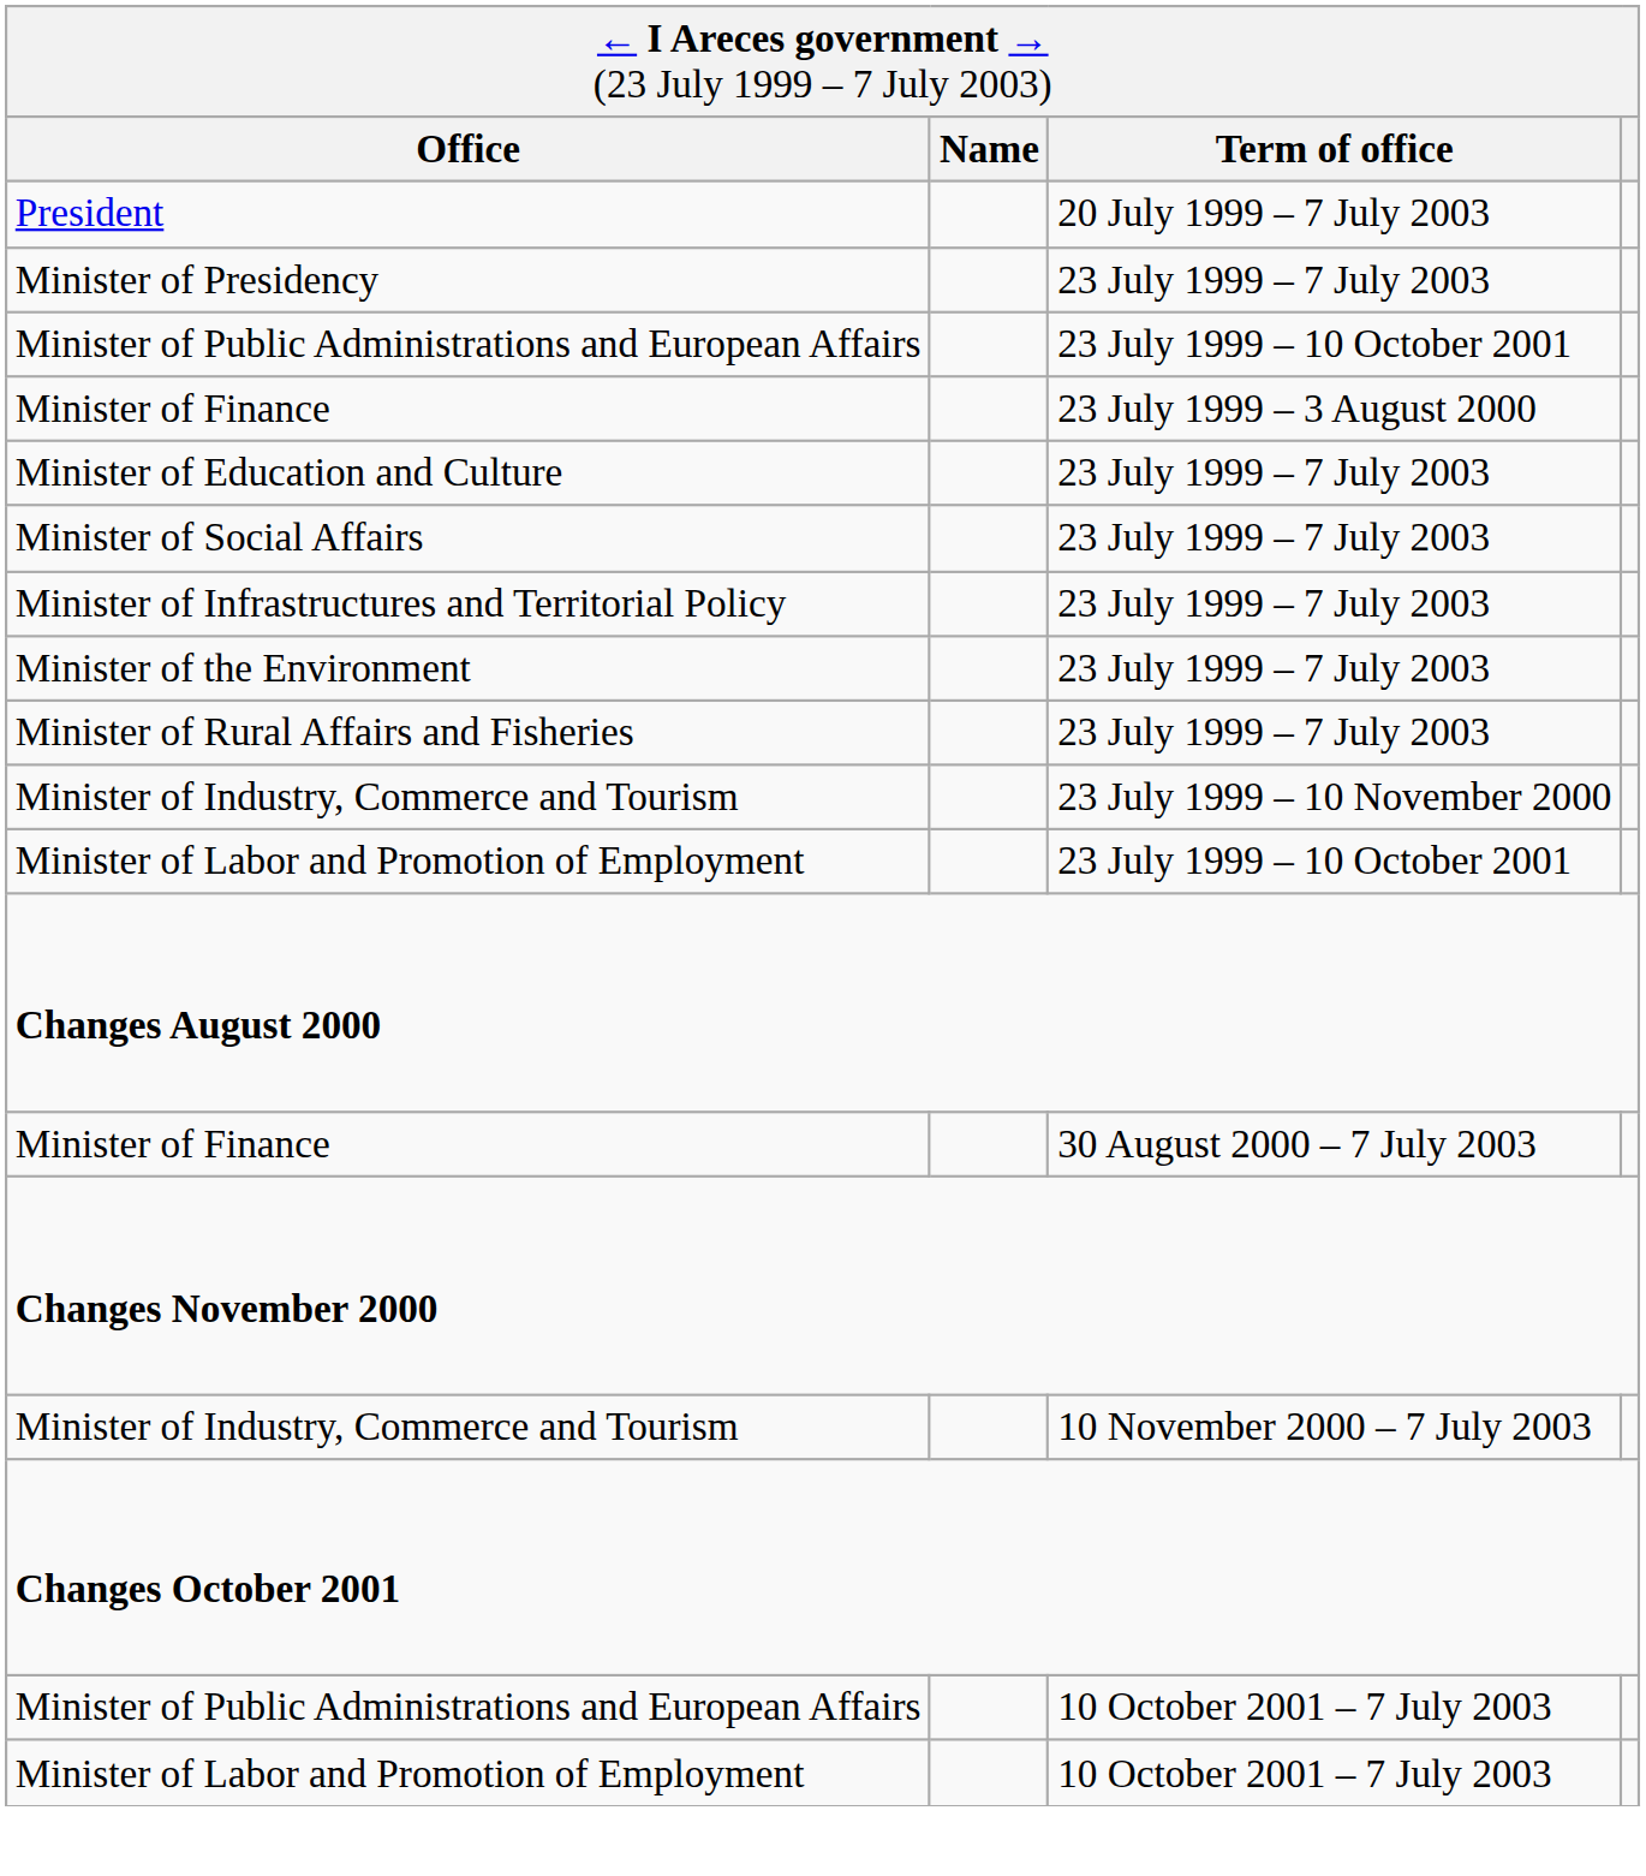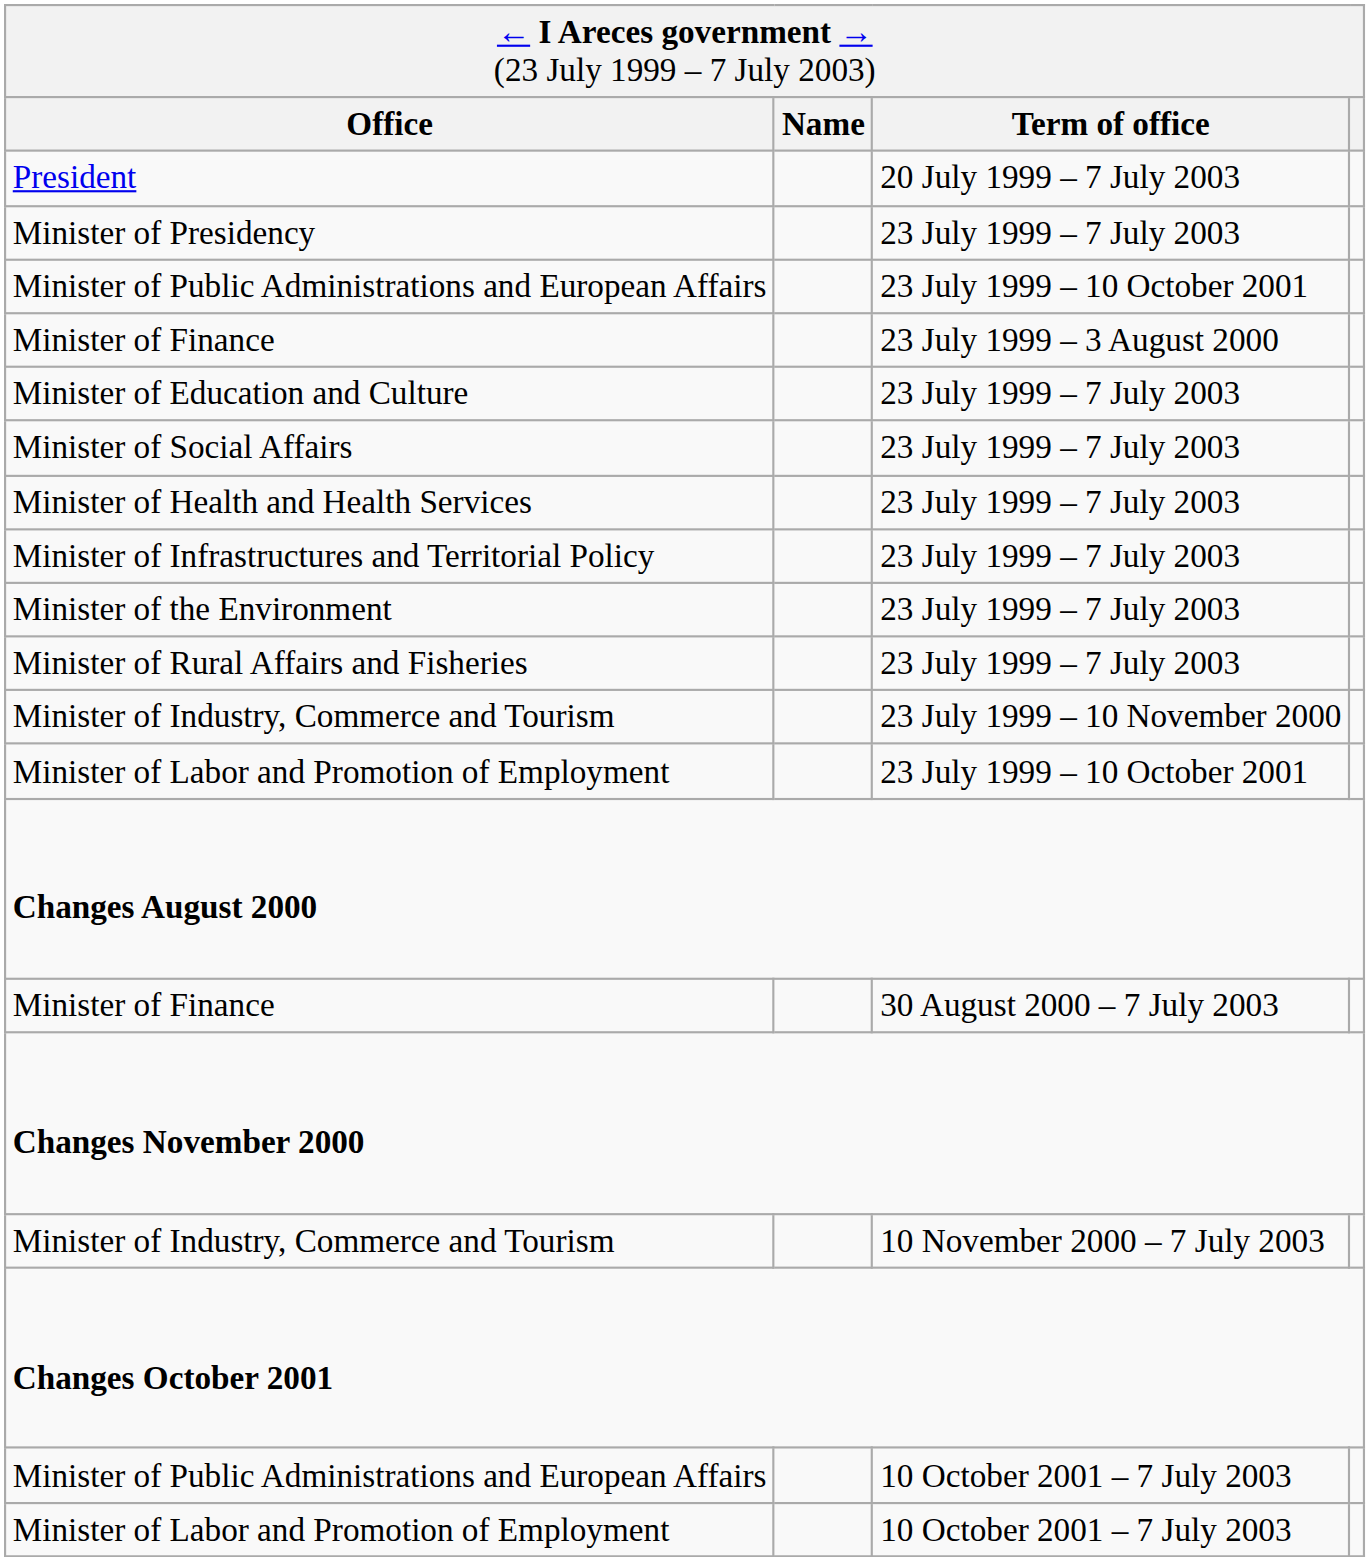 <table class="wikitable" style="font-size:97%;">
 <tr>
 <td colspan="4" bgcolor="#F2F2F2" align="center"><a href='#'>←</a> <strong>I Areces government</strong>  <a href='#'>→</a><br>(23 July 1999 – 7 July 2003)</td>
 </tr>
 <tr>
 <th>Office</th>
 <th>Name</th>
 <th>Term of office</th>
 <th></th>
 </tr>
 <tr>
 <td><a href='#'>President</a></td>
 <td><strong></strong></td>
 <td>20 July 1999 – 7 July 2003</td>
 <td align=center></td>
 </tr>
 <tr>
 <td>Minister of Presidency</td>
 <td><strong></strong> </td>
 <td>23 July 1999 – 7 July 2003</td>
 <td align="center"></td>
 </tr>
 <tr>
 <td>Minister of Public Administrations and European Affairs</td>
 <td><strong></strong></td>
 <td>23 July 1999 – 10 October 2001</td>
 <td align="center"></td>
 </tr>
 <tr>
 <td>Minister of Finance</td>
 <td><strong></strong></td>
 <td>23 July 1999 – 3 August 2000</td>
 <td align="center"></td>
 </tr>
 <tr>
 <td>Minister of Education and Culture</td>
 <td><strong></strong></td>
 <td>23 July 1999 – 7 July 2003</td>
 <td align="center"></td>
 </tr>
 <tr>
 <td>Minister of Social Affairs</td>
 <td><strong></strong> </td>
+<td>23 July 1999 – 7 July 2003</td>
+<td align="center"></td>
+</tr>
+<tr>
+<td>Minister of Health and Health Services</td>
+<td><strong></strong></td>
 <td>23 July 1999 – 7 July 2003</td>
 <td align="center"></td>
 </tr>
 <tr>
 <td>Minister of Infrastructures and Territorial Policy</td>
 <td><strong></strong></td>
 <td>23 July 1999 – 7 July 2003</td>
 <td align="center"></td>
 </tr>
 <tr>
 <td>Minister of the Environment</td>
 <td><strong></strong></td>
 <td>23 July 1999 – 7 July 2003</td>
 <td align="center"></td>
 </tr>
 <tr>
 <td>Minister of Rural Affairs and Fisheries</td>
 <td><strong></strong></td>
 <td>23 July 1999 – 7 July 2003</td>
 <td align="center"></td>
 </tr>
 <tr>
 <td>Minister of Industry, Commerce and Tourism</td>
 <td><strong></strong></td>
 <td>23 July 1999 – 10 November 2000</td>
 <td align="center"></td>
 </tr>
 <tr>
 <td>Minister of Labor and Promotion of Employment</td>
 <td><strong></strong></td>
 <td>23 July 1999 – 10 October 2001</td>
 <td align="center"></td>
 </tr>
 <tr>
 <td colspan="4"><br><h4>Changes August 2000</h4></td>
 </tr>
 <tr>
 <td>Minister of Finance</td>
 <td><strong></strong> </td>
 <td>30 August 2000 – 7 July 2003</td>
 <td align="center"></td>
 </tr>
 <tr>
 <td colspan="4"><br><h4>Changes November 2000</h4></td>
 </tr>
 <tr>
 <td>Minister of Industry, Commerce and Tourism</td>
 <td><strong></strong></td>
 <td>10 November 2000 – 7 July 2003</td>
 <td align="center"></td>
 </tr>
 <tr>
 <td colspan="4"><br><h4>Changes October 2001</h4></td>
 </tr>
 <tr>
 <td>Minister of Public Administrations and European Affairs</td>
 <td><strong></strong></td>
 <td>10 October 2001 – 7 July 2003</td>
 <td align="center"></td>
 </tr>
 <tr>
 <td>Minister of Labor and Promotion of Employment</td>
 <td><strong></strong></td>
 <td>10 October 2001 – 7 July 2003</td>
 <td align="center"></td>
 </tr>
 <tr>
 </tr>
 </table>
